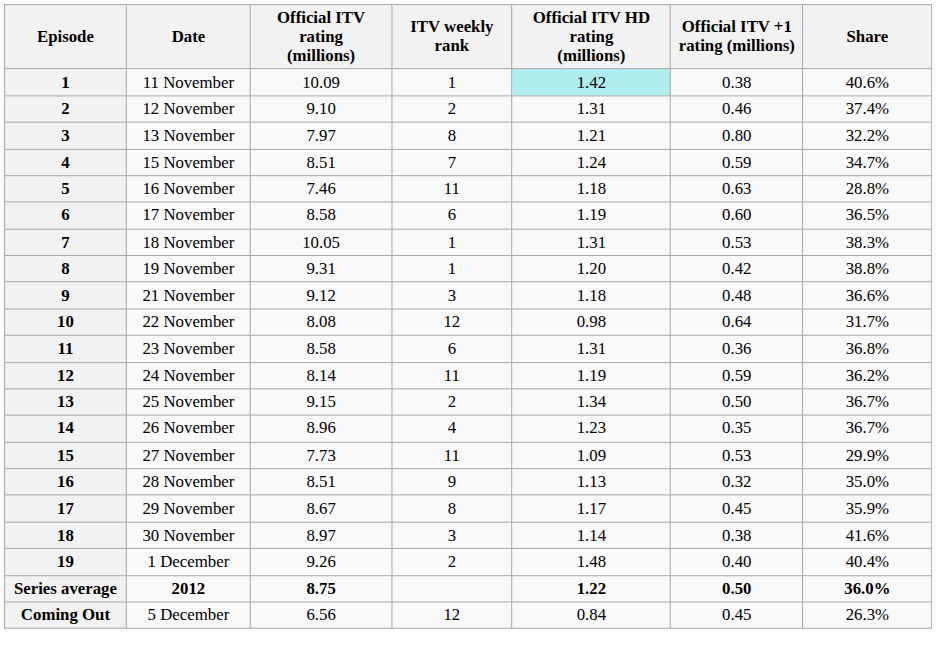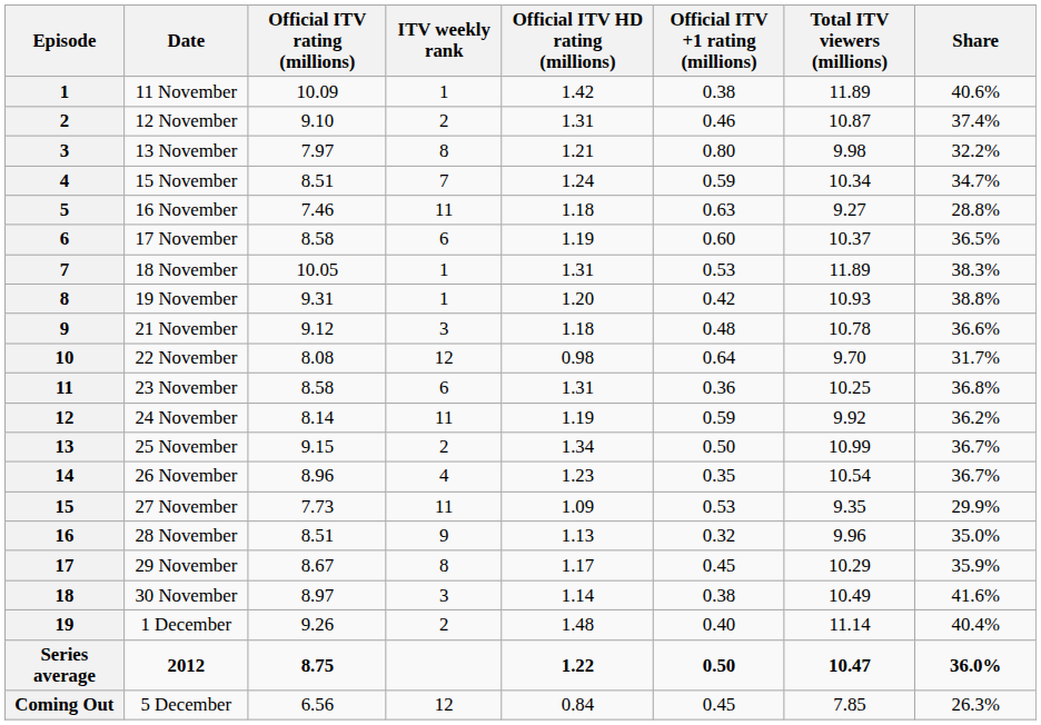 <table class="wikitable" style="text-align:center; margin: 1em auto 1em auto">
 <tr>
 <th scope="col" style="width:120px;">Episode</th>
 <th scope="col" style="width:120px;">Date</th>
 <th scope="col" style="width:140px;">Official ITV rating<br>(millions)</th>
 <th scope="col" style="width:120px;">ITV weekly rank</th>
 <th scope="col" style="width:160px;">Official ITV HD rating<br>(millions)</th>
 <th scope="col" style="width:130px;">Official ITV +1 rating (millions)</th>
+<th scope="col" style="width:130px;">Total ITV viewers (millions)</th>
 <th scope="col" style="width:130px;">Share</th>
 </tr>
 <tr>
 <th>1</th>
 <td>11 November</td>
 <td>10.09</td>
 <td>1</td>
-<td style="background: paleturquoise;">1.42</td>
+<td>1.42</td>
 <td>0.38</td>
+<td>11.89</td>
 <td>40.6%</td>
 </tr>
 <tr>
 <th>2</th>
 <td>12 November</td>
 <td>9.10</td>
 <td>2</td>
 <td>1.31</td>
 <td>0.46</td>
+<td>10.87</td>
 <td>37.4%</td>
 </tr>
 <tr>
 <th>3</th>
 <td>13 November</td>
 <td>7.97</td>
 <td>8</td>
 <td>1.21</td>
 <td>0.80</td>
+<td>9.98</td>
 <td>32.2%</td>
 </tr>
 <tr>
 <th>4</th>
 <td>15 November</td>
 <td>8.51</td>
 <td>7</td>
 <td>1.24</td>
 <td>0.59</td>
+<td>10.34</td>
 <td>34.7%</td>
 </tr>
 <tr>
 <th>5</th>
 <td>16 November</td>
 <td>7.46</td>
 <td>11</td>
 <td>1.18</td>
 <td>0.63</td>
+<td>9.27</td>
 <td>28.8%</td>
 </tr>
 <tr>
 <th>6</th>
 <td>17 November</td>
 <td>8.58</td>
 <td>6</td>
 <td>1.19</td>
 <td>0.60</td>
+<td>10.37</td>
 <td>36.5%</td>
 </tr>
 <tr>
 <th>7</th>
 <td>18 November</td>
 <td>10.05</td>
 <td>1</td>
 <td>1.31</td>
 <td>0.53</td>
+<td>11.89</td>
 <td>38.3%</td>
 </tr>
 <tr>
 <th>8</th>
 <td>19 November</td>
 <td>9.31</td>
 <td>1</td>
 <td>1.20</td>
 <td>0.42</td>
+<td>10.93</td>
 <td>38.8%</td>
 </tr>
 <tr>
 <th>9</th>
 <td>21 November</td>
 <td>9.12</td>
 <td>3</td>
 <td>1.18</td>
 <td>0.48</td>
+<td>10.78</td>
 <td>36.6%</td>
 </tr>
 <tr>
 <th>10</th>
 <td>22 November</td>
 <td>8.08</td>
 <td>12</td>
 <td>0.98</td>
 <td>0.64</td>
+<td>9.70</td>
 <td>31.7%</td>
 </tr>
 <tr>
 <th>11</th>
 <td>23 November</td>
 <td>8.58</td>
 <td>6</td>
 <td>1.31</td>
 <td>0.36</td>
+<td>10.25</td>
 <td>36.8%</td>
 </tr>
 <tr>
 <th>12</th>
 <td>24 November</td>
 <td>8.14</td>
 <td>11</td>
 <td>1.19</td>
 <td>0.59</td>
+<td>9.92</td>
 <td>36.2%</td>
 </tr>
 <tr>
 <th>13</th>
 <td>25 November</td>
 <td>9.15</td>
 <td>2</td>
 <td>1.34</td>
 <td>0.50</td>
+<td>10.99</td>
 <td>36.7%</td>
 </tr>
 <tr>
 <th>14</th>
 <td>26 November</td>
 <td>8.96</td>
 <td>4</td>
 <td>1.23</td>
 <td>0.35</td>
+<td>10.54</td>
 <td>36.7%</td>
 </tr>
 <tr>
 <th>15</th>
 <td>27 November</td>
 <td>7.73</td>
 <td>11</td>
 <td>1.09</td>
 <td>0.53</td>
+<td>9.35</td>
 <td>29.9%</td>
 </tr>
 <tr>
 <th>16</th>
 <td>28 November</td>
 <td>8.51</td>
 <td>9</td>
 <td>1.13</td>
 <td>0.32</td>
+<td>9.96</td>
 <td>35.0%</td>
 </tr>
 <tr>
 <th>17</th>
 <td>29 November</td>
 <td>8.67</td>
 <td>8</td>
 <td>1.17</td>
 <td>0.45</td>
+<td>10.29</td>
 <td>35.9%</td>
 </tr>
 <tr>
 <th>18</th>
 <td>30 November</td>
 <td>8.97</td>
 <td>3</td>
 <td>1.14</td>
 <td>0.38</td>
+<td>10.49</td>
 <td>41.6%</td>
 </tr>
 <tr>
 <th>19</th>
 <td>1 December</td>
 <td>9.26</td>
 <td>2</td>
 <td>1.48</td>
 <td>0.40</td>
+<td>11.14</td>
 <td>40.4%</td>
 </tr>
 <tr>
 <th !colspan=2 scope="row">Series average</th>
 <td><strong>2012</strong></td>
 <td><strong>8.75</strong></td>
 <td></td>
 <td><strong>1.22</strong></td>
 <td><strong>0.50</strong></td>
+<td><strong>10.47</strong></td>
 <td><strong>36.0%</strong></td>
 </tr>
 <tr>
 <th scope="row">Coming Out</th>
 <td>5 December</td>
 <td>6.56</td>
 <td>12</td>
 <td>0.84</td>
 <td>0.45</td>
+<td>7.85</td>
 <td>26.3%</td>
 </tr>
 </table>
